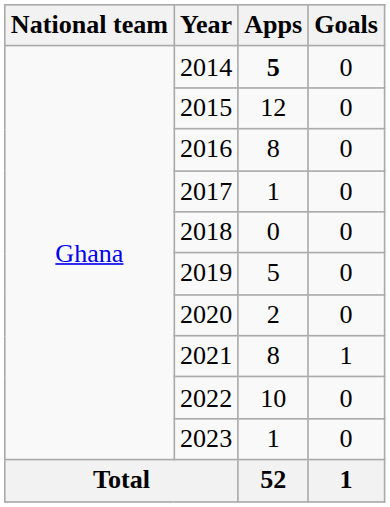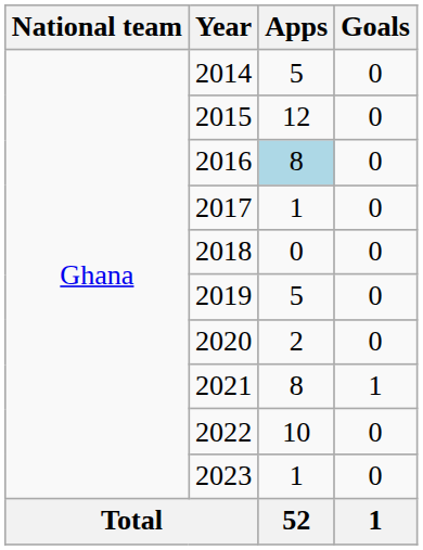 <table class="wikitable" style="text-align:center">
 <tr>
 <th>National team</th>
 <th>Year</th>
 <th>Apps</th>
 <th>Goals</th>
 </tr>
 <tr>
 <td rowspan="10"><a href='#'>Ghana</a></td>
 <td>2014</td>
-<td><strong>5</strong></td>
+<td>5</td>
 <td>0</td>
 </tr>
 <tr>
 <td>2015</td>
 <td>12</td>
 <td>0</td>
 </tr>
 <tr>
 <td>2016</td>
-<td>8</td>
+<td style="background: lightblue;">8</td>
 <td>0</td>
 </tr>
 <tr>
 <td>2017</td>
 <td>1</td>
 <td>0</td>
 </tr>
 <tr>
 <td>2018</td>
 <td>0</td>
 <td>0</td>
 </tr>
 <tr>
 <td>2019</td>
 <td>5</td>
 <td>0</td>
 </tr>
 <tr>
 <td>2020</td>
 <td>2</td>
 <td>0</td>
 </tr>
 <tr>
 <td>2021</td>
 <td>8</td>
 <td>1</td>
 </tr>
 <tr>
 <td>2022</td>
 <td>10</td>
 <td>0</td>
 </tr>
 <tr>
 <td>2023</td>
 <td>1</td>
 <td>0</td>
 </tr>
 <tr>
 <th colspan="2">Total</th>
 <th>52</th>
 <th>1</th>
 </tr>
 </table>
